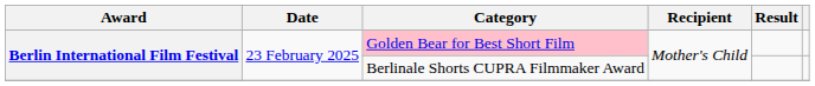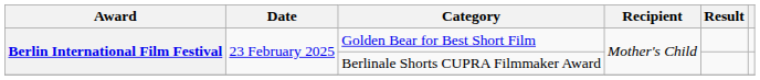 <table class="wikitable sortable plainrowheaders">
 <tr>
 <th>Award</th>
 <th>Date</th>
 <th>Category</th>
 <th>Recipient</th>
 <th>Result</th>
 <th></th>
 </tr>
 <tr>
 <th scope="row" rowspan=2><a href='#'>Berlin International Film Festival</a></th>
 <td rowspan=2><a href='#'>23 February 2025</a></td>
-<td style="background: pink;"><a href='#'>Golden Bear for Best Short Film</a></td>
+<td><a href='#'>Golden Bear for Best Short Film</a></td>
 <td rowspan="2"><em>Mother's Child</em></td>
 <td></td>
 <td align="center" rowspan="1"></td>
 </tr>
 <tr>
 <td>Berlinale Shorts CUPRA Filmmaker Award</td>
 <td></td>
 <td align="center" rowspan="1"></td>
 </tr>
 <tr>
 </tr>
 </table>
